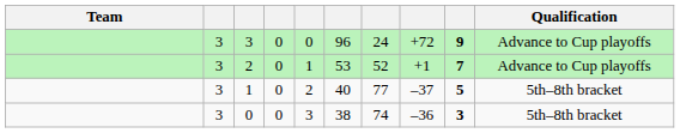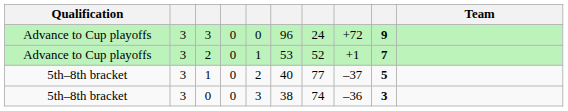 <table class="wikitable" style="text-align:center">
 <tr>
-<th style="width:12.5em">Team</th>
+<th style="width:12.5em">Qualification</th>
 <th style="width:1.5em;"></th>
 <th style="width:1.5em;"></th>
 <th style="width:1.5em;"></th>
 <th style="width:1.5em;"></th>
 <th style="width:2.0em;"></th>
 <th style="width:2.0em;"></th>
 <th style="width:2.5em;"></th>
 <th style="width:1.5em;"></th>
-<th style="width:12.5em">Qualification</th>
+<th style="width:12.5em">Team</th>
 </tr>
 <tr bgcolor=#bbf3bb>
-<td align=left></td>
+<td>Advance to Cup playoffs</td>
 <td>3</td>
 <td>3</td>
 <td>0</td>
 <td>0</td>
 <td>96</td>
 <td>24</td>
 <td>+72</td>
 <td><strong>9</strong></td>
-<td>Advance to Cup playoffs</td>
+<td align=left></td>
 </tr>
 <tr bgcolor=#bbf3bb>
-<td align=left></td>
+<td>Advance to Cup playoffs</td>
 <td>3</td>
 <td>2</td>
 <td>0</td>
 <td>1</td>
 <td>53</td>
 <td>52</td>
 <td>+1</td>
 <td><strong>7</strong></td>
-<td>Advance to Cup playoffs</td>
+<td align=left></td>
 </tr>
 <tr>
-<td align=left></td>
+<td>5th–8th bracket</td>
 <td>3</td>
 <td>1</td>
 <td>0</td>
 <td>2</td>
 <td>40</td>
 <td>77</td>
 <td>–37</td>
 <td><strong>5</strong></td>
-<td>5th–8th bracket</td>
+<td align=left></td>
 </tr>
 <tr>
-<td align=left></td>
+<td>5th–8th bracket</td>
 <td>3</td>
 <td>0</td>
 <td>0</td>
 <td>3</td>
 <td>38</td>
 <td>74</td>
 <td>–36</td>
 <td><strong>3</strong></td>
-<td>5th–8th bracket</td>
+<td align=left></td>
 </tr>
 </table>
